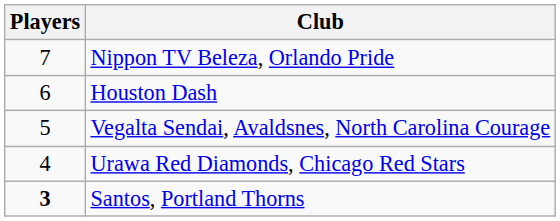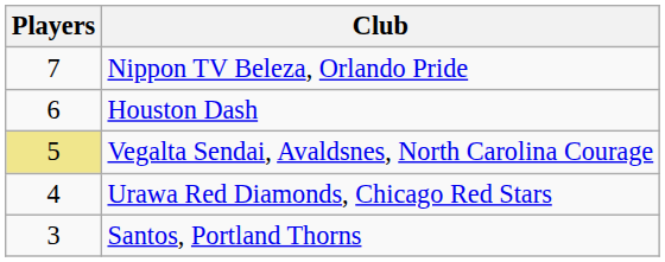 <table class="wikitable">
 <tr>
 <th>Players</th>
 <th>Club</th>
 </tr>
 <tr>
 <td align="center">7</td>
 <td> <a href='#'>Nippon TV Beleza</a>,  <a href='#'>Orlando Pride</a></td>
 </tr>
 <tr>
 <td align="center">6</td>
 <td> <a href='#'>Houston Dash</a></td>
 </tr>
 <tr>
-<td align="center">5</td>
+<td align="center" style="background: khaki;">5</td>
 <td> <a href='#'>Vegalta Sendai</a>,  <a href='#'>Avaldsnes</a>,  <a href='#'>North Carolina Courage</a></td>
 </tr>
 <tr>
 <td align="center">4</td>
 <td> <a href='#'>Urawa Red Diamonds</a>,  <a href='#'>Chicago Red Stars</a></td>
 </tr>
 <tr>
-<td align="center"><strong>3</strong></td>
+<td align="center">3</td>
 <td> <a href='#'>Santos</a>,  <a href='#'>Portland Thorns</a></td>
 </tr>
 </table>
